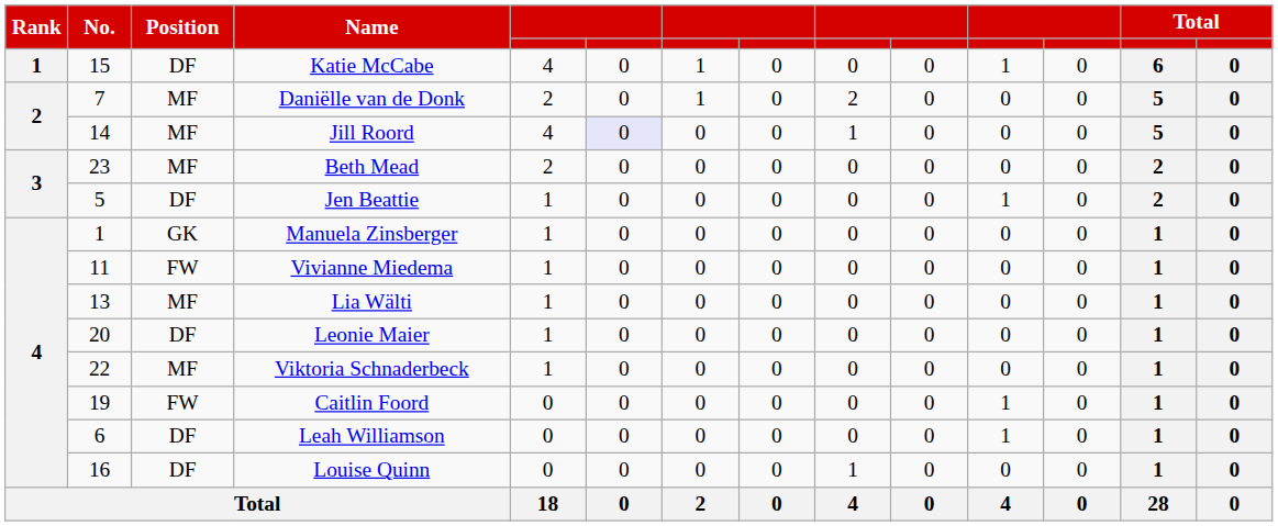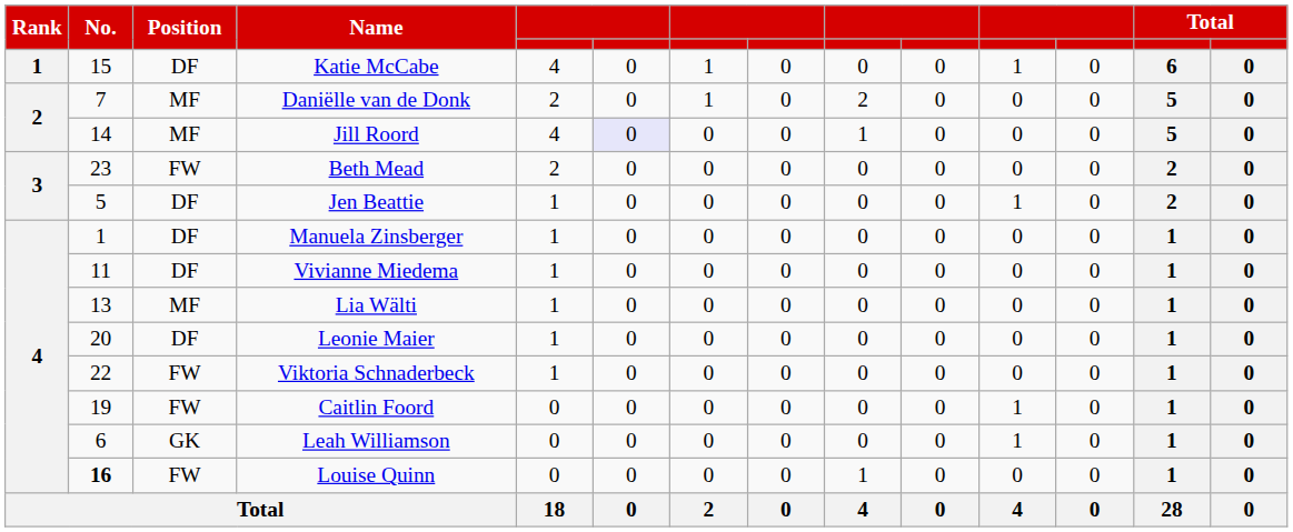 <table class="wikitable" style="text-align:center; font-size:100%; ">
 <tr>
 <th style="background:#d50000; color:white; text-align:center; width:40px" rowspan="2">Rank</th>
 <th style="background:#d50000; color:white; text-align:center; width:40px" rowspan="2">No.</th>
 <th rowspan="2" style="background:#d50000; color:white; text-align:center; width:70px">Position</th>
 <th style="background:#d50000; color:white; text-align:center; width:200px" rowspan="2">Name</th>
 <th style="background:#d50000; color:white; text-align:center;" colspan="2"><a href='#'></a></th>
 <th style="background:#d50000; color:white; text-align:center;" colspan="2"><a href='#'></a></th>
 <th style="background:#d50000; color:white; text-align:center;" colspan="2"><a href='#'></a></th>
 <th style="background:#d50000; color:white; text-align:center;" colspan="2"><a href='#'></a></th>
 <th style="background:#d50000; color:white; text-align:center;" colspan="2">Total</th>
 </tr>
 <tr>
 <th style="background:#d50000; color:white; text-align:center; width:50px;"></th>
 <th style="background:#d50000; color:white; text-align:center; width:50px;"></th>
 <th style="background:#d50000; color:white; text-align:center; width:50px;"></th>
 <th style="background:#d50000; color:white; text-align:center; width:50px;"></th>
 <th style="background:#d50000; color:white; text-align:center; width:50px;"></th>
 <th style="background:#d50000; color:white; text-align:center; width:50px;"></th>
 <th style="background:#d50000; color:white; text-align:center; width:50px;"></th>
 <th style="background:#d50000; color:white; text-align:center; width:50px;"></th>
 <th style="background:#d50000; color:white; text-align:center; width:50px;"></th>
 <th style="background:#d50000; color:white; text-align:center; width:50px;"></th>
 </tr>
 <tr>
 <th>1</th>
 <td>15</td>
 <td>DF</td>
 <td> <a href='#'>Katie McCabe</a></td>
 <td>4</td>
 <td>0</td>
 <td>1</td>
 <td>0</td>
 <td>0</td>
 <td>0</td>
 <td>1</td>
 <td>0</td>
 <th>6</th>
 <th>0</th>
 </tr>
 <tr>
 <th rowspan="2">2</th>
 <td>7</td>
 <td>MF</td>
 <td> <a href='#'>Daniëlle van de Donk</a></td>
 <td>2</td>
 <td>0</td>
 <td>1</td>
 <td>0</td>
 <td>2</td>
 <td>0</td>
 <td>0</td>
 <td>0</td>
 <th>5</th>
 <th>0</th>
 </tr>
 <tr>
 <td>14</td>
 <td>MF</td>
 <td> <a href='#'>Jill Roord</a></td>
 <td>4</td>
 <td style="background: lavender;">0</td>
 <td>0</td>
 <td>0</td>
 <td>1</td>
 <td>0</td>
 <td>0</td>
 <td>0</td>
 <th>5</th>
 <th>0</th>
 </tr>
 <tr>
 <th rowspan="2">3</th>
 <td>23</td>
-<td>MF</td>
+<td>FW</td>
 <td> <a href='#'>Beth Mead</a></td>
 <td>2</td>
 <td>0</td>
 <td>0</td>
 <td>0</td>
 <td>0</td>
 <td>0</td>
 <td>0</td>
 <td>0</td>
 <th>2</th>
 <th>0</th>
 </tr>
 <tr>
 <td>5</td>
 <td>DF</td>
 <td> <a href='#'>Jen Beattie</a></td>
 <td>1</td>
 <td>0</td>
 <td>0</td>
 <td>0</td>
 <td>0</td>
 <td>0</td>
 <td>1</td>
 <td>0</td>
 <th>2</th>
 <th>0</th>
 </tr>
 <tr>
 <th rowspan="8">4</th>
 <td>1</td>
-<td>GK</td>
+<td>DF</td>
 <td> <a href='#'>Manuela Zinsberger</a></td>
 <td>1</td>
 <td>0</td>
 <td>0</td>
 <td>0</td>
 <td>0</td>
 <td>0</td>
 <td>0</td>
 <td>0</td>
 <th>1</th>
 <th>0</th>
 </tr>
 <tr>
 <td>11</td>
-<td>FW</td>
+<td>DF</td>
 <td> <a href='#'>Vivianne Miedema</a></td>
 <td>1</td>
 <td>0</td>
 <td>0</td>
 <td>0</td>
 <td>0</td>
 <td>0</td>
 <td>0</td>
 <td>0</td>
 <th>1</th>
 <th>0</th>
 </tr>
 <tr>
 <td>13</td>
 <td>MF</td>
 <td> <a href='#'>Lia Wälti</a></td>
 <td>1</td>
 <td>0</td>
 <td>0</td>
 <td>0</td>
 <td>0</td>
 <td>0</td>
 <td>0</td>
 <td>0</td>
 <th>1</th>
 <th>0</th>
 </tr>
 <tr>
 <td>20</td>
 <td>DF</td>
 <td> <a href='#'>Leonie Maier</a></td>
 <td>1</td>
 <td>0</td>
 <td>0</td>
 <td>0</td>
 <td>0</td>
 <td>0</td>
 <td>0</td>
 <td>0</td>
 <th>1</th>
 <th>0</th>
 </tr>
 <tr>
 <td>22</td>
-<td>MF</td>
+<td>FW</td>
 <td> <a href='#'>Viktoria Schnaderbeck</a></td>
 <td>1</td>
 <td>0</td>
 <td>0</td>
 <td>0</td>
 <td>0</td>
 <td>0</td>
 <td>0</td>
 <td>0</td>
 <th>1</th>
 <th>0</th>
 </tr>
 <tr>
 <td>19</td>
 <td>FW</td>
 <td> <a href='#'>Caitlin Foord</a></td>
 <td>0</td>
 <td>0</td>
 <td>0</td>
 <td>0</td>
 <td>0</td>
 <td>0</td>
 <td>1</td>
 <td>0</td>
 <th>1</th>
 <th>0</th>
 </tr>
 <tr>
 <td>6</td>
-<td>DF</td>
+<td>GK</td>
 <td> <a href='#'>Leah Williamson</a></td>
 <td>0</td>
 <td>0</td>
 <td>0</td>
 <td>0</td>
 <td>0</td>
 <td>0</td>
 <td>1</td>
 <td>0</td>
 <th>1</th>
 <th>0</th>
 </tr>
 <tr>
-<td>16</td>
-<td>DF</td>
+<td><strong>16</strong></td>
+<td>FW</td>
 <td> <a href='#'>Louise Quinn</a></td>
 <td>0</td>
 <td>0</td>
 <td>0</td>
 <td>0</td>
 <td>1</td>
 <td>0</td>
 <td>0</td>
 <td>0</td>
 <th>1</th>
 <th>0</th>
 </tr>
 <tr>
 <th colspan="4">Total</th>
 <th>18</th>
 <th>0</th>
 <th>2</th>
 <th>0</th>
 <th>4</th>
 <th>0</th>
 <th>4</th>
 <th>0</th>
 <th>28</th>
 <th>0</th>
 </tr>
 </table>
